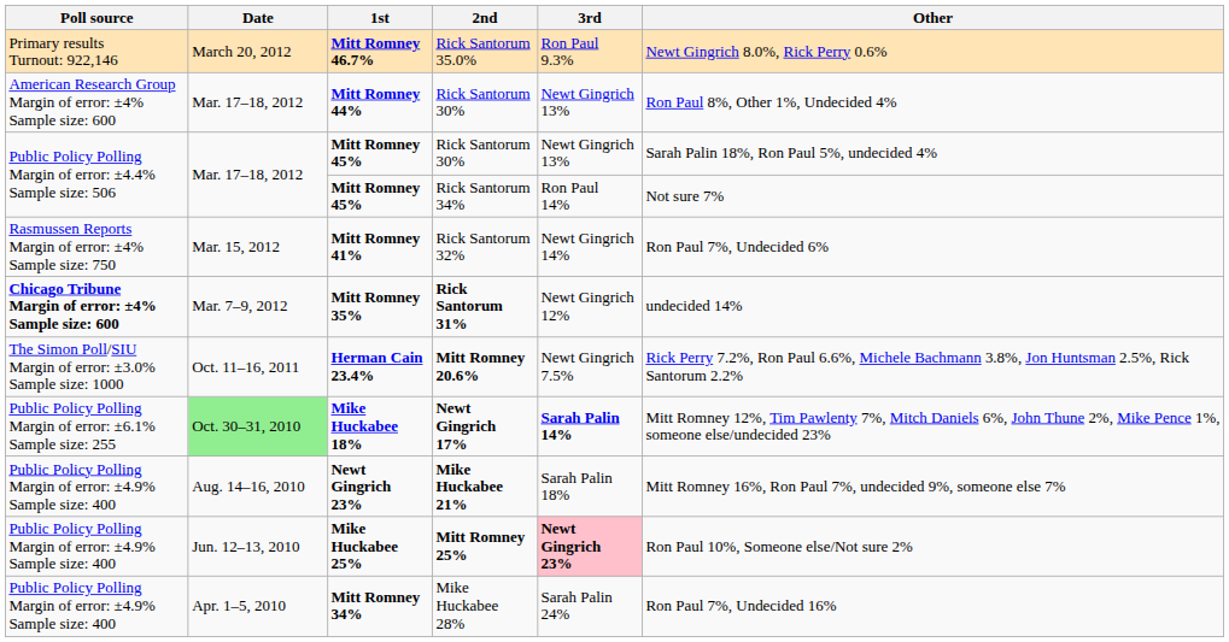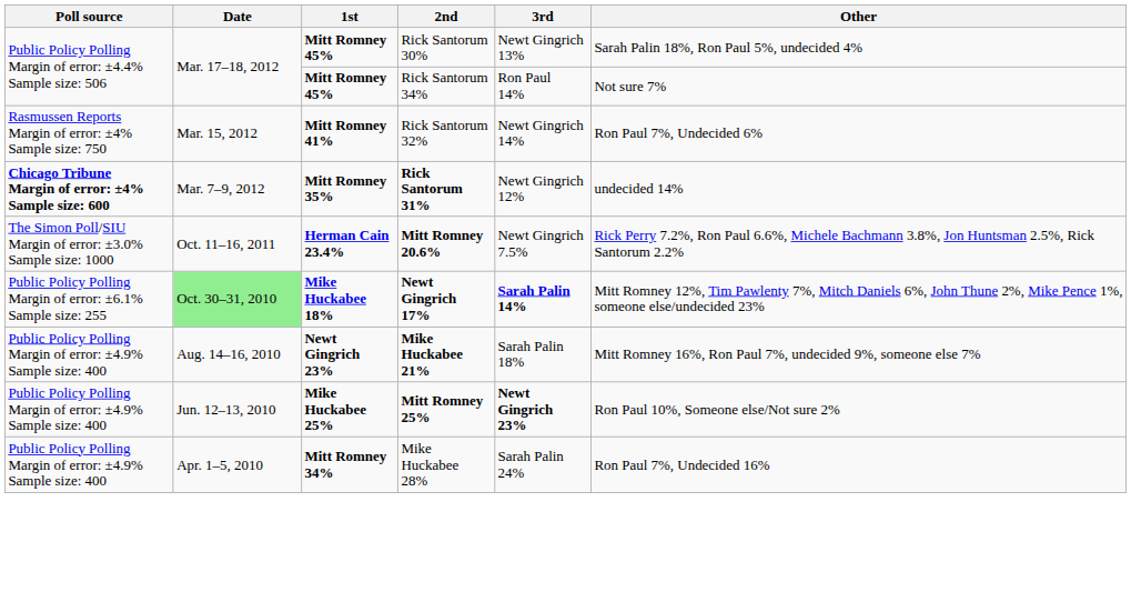 <table class="wikitable">
 <tr>
 <th style="width:180px;">Poll source</th>
 <th style="width:135px;">Date</th>
 <th style="width:100px;">1st</th>
 <th style="width:100px;">2nd</th>
 <th style="width:100px;">3rd</th>
 <th>Other</th>
-</tr>
-<tr style="background:Moccasin;">
-<td>Primary results<br>Turnout: 922,146</td>
-<td>March 20, 2012</td>
-<td><strong><a href='#'>Mitt Romney</a> 46.7% </strong></td>
-<td><a href='#'>Rick Santorum</a><br>35.0%</td>
-<td><a href='#'>Ron Paul</a><br>9.3%</td>
-<td><a href='#'>Newt Gingrich</a> 8.0%, <a href='#'>Rick Perry</a> 0.6%</td>
-</tr>
-<tr>
-<td><a href='#'>American Research Group</a><br>Margin of error: ±4% <br>Sample size: 600</td>
-<td>Mar. 17–18, 2012</td>
-<td><strong><a href='#'>Mitt Romney</a><br>44%</strong></td>
-<td><a href='#'>Rick Santorum</a><br>30%</td>
-<td><a href='#'>Newt Gingrich</a><br>13%</td>
-<td><a href='#'>Ron Paul</a> 8%, Other 1%, Undecided 4%</td>
 </tr>
 <tr>
 <td rowspan=2><a href='#'>Public Policy Polling</a><br>Margin of error: ±4.4% <br>Sample size: 506</td>
 <td rowspan=2>Mar. 17–18, 2012</td>
 <td><strong>Mitt Romney<br>45%</strong></td>
 <td>Rick Santorum<br>30%</td>
 <td>Newt Gingrich<br>13%</td>
 <td>Sarah Palin 18%, Ron Paul 5%, undecided 4%</td>
 </tr>
 <tr>
 <td><strong>Mitt Romney<br>45%</strong></td>
 <td>Rick Santorum<br>34%</td>
 <td>Ron Paul<br>14%</td>
 <td>Not sure 7%</td>
 </tr>
 <tr>
 <td><a href='#'>Rasmussen Reports</a><br>Margin of error: ±4% <br>Sample size: 750</td>
 <td>Mar. 15, 2012</td>
 <td><strong>Mitt Romney<br>41%</strong></td>
 <td>Rick Santorum<br>32%</td>
 <td>Newt Gingrich<br>14%</td>
 <td>Ron Paul 7%, Undecided 6%</td>
 </tr>
 <tr>
 <td><strong><a href='#'>Chicago Tribune</a><br>Margin of error: ±4% <br>Sample size: 600</strong></td>
 <td>Mar. 7–9, 2012</td>
 <td><strong>Mitt Romney<br>35%</strong></td>
 <td><strong>Rick Santorum<br>31%</strong></td>
 <td>Newt Gingrich<br>12%</td>
 <td>undecided 14%</td>
 </tr>
 <tr>
 <td><a href='#'>The Simon Poll</a>/<a href='#'>SIU</a><br>Margin of error: ±3.0% <br>Sample size: 1000</td>
 <td>Oct. 11–16, 2011</td>
 <td><strong><a href='#'>Herman Cain</a><br>23.4%</strong></td>
 <td><strong>Mitt Romney<br>20.6%</strong></td>
 <td>Newt Gingrich<br>7.5%</td>
 <td><a href='#'>Rick Perry</a> 7.2%, Ron Paul 6.6%, <a href='#'>Michele Bachmann</a> 3.8%, <a href='#'>Jon Huntsman</a> 2.5%, Rick Santorum 2.2%</td>
 </tr>
 <tr>
 <td><a href='#'>Public Policy Polling</a><br>Margin of error: ±6.1% <br>Sample size: 255</td>
 <td style="background: lightgreen;">Oct. 30–31, 2010</td>
 <td><strong><a href='#'>Mike Huckabee</a><br>18%</strong></td>
 <td><strong>Newt Gingrich<br>17%</strong></td>
 <td><strong><a href='#'>Sarah Palin</a><br>14%</strong></td>
 <td>Mitt Romney 12%, <a href='#'>Tim Pawlenty</a> 7%, <a href='#'>Mitch Daniels</a> 6%, <a href='#'>John Thune</a> 2%, <a href='#'>Mike Pence</a> 1%, someone else/undecided 23%</td>
 </tr>
 <tr>
 <td><a href='#'>Public Policy Polling</a><br>Margin of error: ±4.9% <br>Sample size: 400</td>
 <td>Aug. 14–16, 2010</td>
 <td><strong>Newt Gingrich<br>23%</strong></td>
 <td><strong>Mike Huckabee<br>21%</strong></td>
 <td>Sarah Palin<br>18%</td>
 <td>Mitt Romney 16%, Ron Paul 7%, undecided 9%, someone else 7%</td>
 </tr>
 <tr>
 <td><a href='#'>Public Policy Polling</a><br>Margin of error: ±4.9% <br>Sample size: 400</td>
 <td>Jun. 12–13, 2010</td>
 <td><strong>Mike Huckabee<br>25%</strong></td>
 <td><strong>Mitt Romney<br>25%</strong></td>
-<td style="background: pink;"><strong>Newt Gingrich<br>23%</strong></td>
+<td><strong>Newt Gingrich<br>23%</strong></td>
 <td>Ron Paul 10%, Someone else/Not sure 2%</td>
 </tr>
 <tr>
 <td><a href='#'>Public Policy Polling</a><br>Margin of error: ±4.9% <br>Sample size: 400</td>
 <td>Apr. 1–5, 2010</td>
 <td><strong>Mitt Romney<br>34%</strong></td>
 <td>Mike Huckabee<br>28%</td>
 <td>Sarah Palin<br>24%</td>
 <td>Ron Paul 7%, Undecided 16%</td>
 </tr>
 </table>
